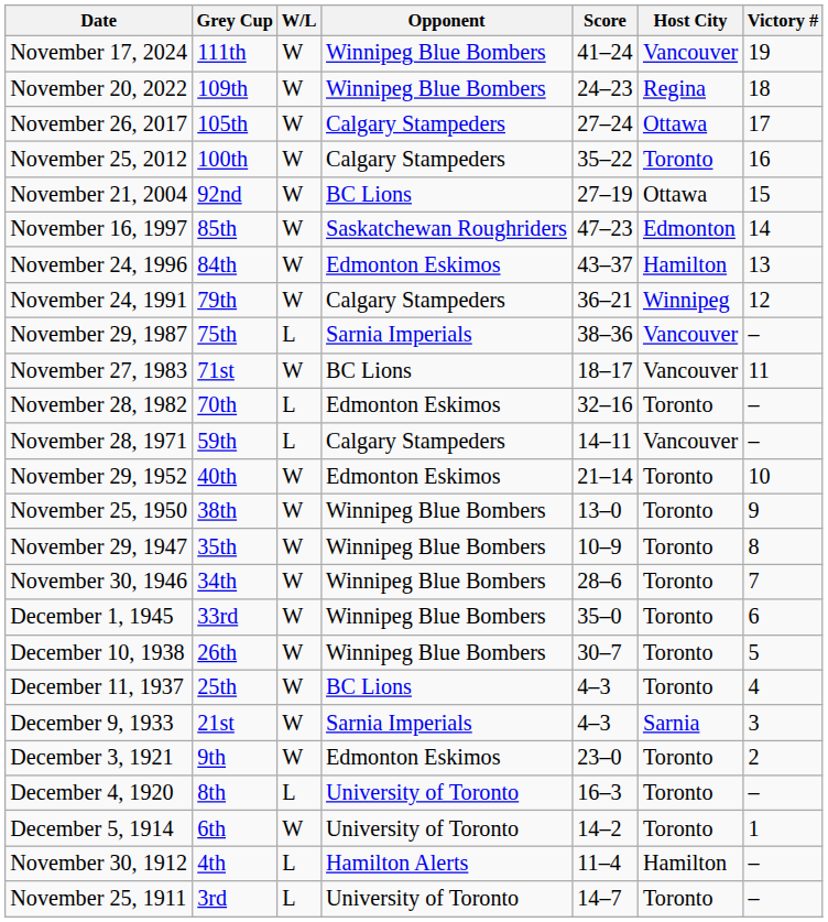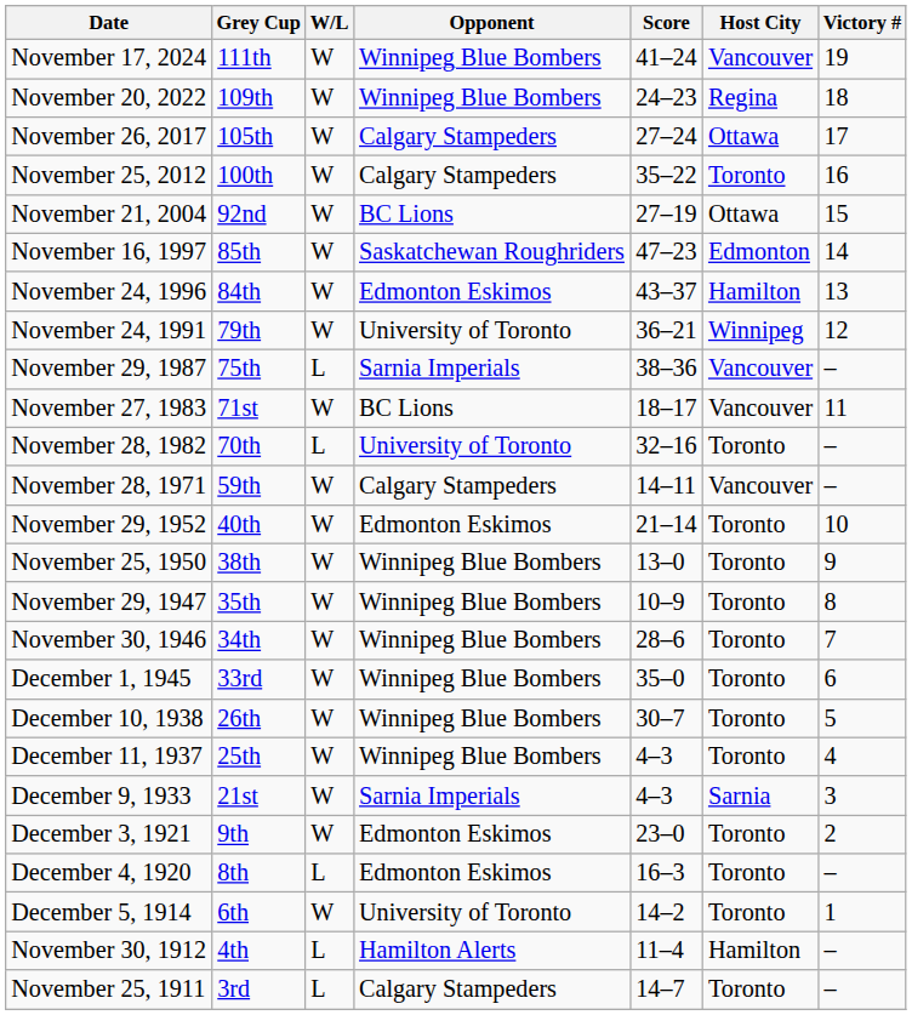 <table class="wikitable floatright">
 <tr style="text-align:center; font-size:small; font-weight:bold;  background:#ddd; padding:5px;">
 <th>Date</th>
 <th>Grey Cup</th>
 <th>W/L</th>
 <th>Opponent</th>
 <th>Score</th>
 <th>Host City</th>
 <th>Victory #</th>
 </tr>
 <tr>
 <td>November 17, 2024</td>
 <td><a href='#'>111th</a></td>
 <td>W</td>
 <td><a href='#'>Winnipeg Blue Bombers</a></td>
 <td>41–24</td>
 <td><a href='#'>Vancouver</a></td>
 <td>19</td>
 </tr>
 <tr>
 <td>November 20, 2022</td>
 <td><a href='#'>109th</a></td>
 <td>W</td>
 <td><a href='#'>Winnipeg Blue Bombers</a></td>
 <td>24–23</td>
 <td><a href='#'>Regina</a></td>
 <td>18</td>
 </tr>
 <tr>
 <td>November 26, 2017</td>
 <td><a href='#'>105th</a></td>
 <td>W</td>
 <td><a href='#'>Calgary Stampeders</a></td>
 <td>27–24</td>
 <td><a href='#'>Ottawa</a></td>
 <td>17</td>
 </tr>
 <tr>
 <td>November 25, 2012</td>
 <td><a href='#'>100th</a></td>
 <td>W</td>
 <td>Calgary Stampeders</td>
 <td>35–22</td>
 <td><a href='#'>Toronto</a></td>
 <td>16</td>
 </tr>
 <tr>
 <td>November 21, 2004</td>
 <td><a href='#'>92nd</a></td>
 <td>W</td>
 <td><a href='#'>BC Lions</a></td>
 <td>27–19</td>
 <td>Ottawa</td>
 <td>15</td>
 </tr>
 <tr>
 <td>November 16, 1997</td>
 <td><a href='#'>85th</a></td>
 <td>W</td>
 <td><a href='#'>Saskatchewan Roughriders</a></td>
 <td>47–23</td>
 <td><a href='#'>Edmonton</a></td>
 <td>14</td>
 </tr>
 <tr>
 <td>November 24, 1996</td>
 <td><a href='#'>84th</a></td>
 <td>W</td>
 <td><a href='#'>Edmonton Eskimos</a></td>
 <td>43–37</td>
 <td><a href='#'>Hamilton</a></td>
 <td>13</td>
 </tr>
 <tr>
 <td>November 24, 1991</td>
 <td><a href='#'>79th</a></td>
 <td>W</td>
-<td>Calgary Stampeders</td>
+<td>University of Toronto</td>
 <td>36–21</td>
 <td><a href='#'>Winnipeg</a></td>
 <td>12</td>
 </tr>
 <tr>
 <td>November 29, 1987</td>
 <td><a href='#'>75th</a></td>
 <td>L</td>
 <td><a href='#'>Sarnia Imperials</a></td>
 <td>38–36</td>
 <td><a href='#'>Vancouver</a></td>
 <td>–</td>
 </tr>
 <tr>
 <td>November 27, 1983</td>
 <td><a href='#'>71st</a></td>
 <td>W</td>
 <td>BC Lions</td>
 <td>18–17</td>
 <td>Vancouver</td>
 <td>11</td>
 </tr>
 <tr>
 <td>November 28, 1982</td>
 <td><a href='#'>70th</a></td>
 <td>L</td>
-<td>Edmonton Eskimos</td>
+<td><a href='#'>University of Toronto</a></td>
 <td>32–16</td>
 <td>Toronto</td>
 <td>–</td>
 </tr>
 <tr>
 <td>November 28, 1971</td>
 <td><a href='#'>59th</a></td>
-<td>L</td>
+<td>W</td>
 <td>Calgary Stampeders</td>
 <td>14–11</td>
 <td>Vancouver</td>
 <td>–</td>
 </tr>
 <tr>
 <td>November 29, 1952</td>
 <td><a href='#'>40th</a></td>
 <td>W</td>
 <td>Edmonton Eskimos</td>
 <td>21–14</td>
 <td>Toronto</td>
 <td>10</td>
 </tr>
 <tr>
 <td>November 25, 1950</td>
 <td><a href='#'>38th</a></td>
 <td>W</td>
 <td>Winnipeg Blue Bombers</td>
 <td>13–0</td>
 <td>Toronto</td>
 <td>9</td>
 </tr>
 <tr>
 <td>November 29, 1947</td>
 <td><a href='#'>35th</a></td>
 <td>W</td>
 <td>Winnipeg Blue Bombers</td>
 <td>10–9</td>
 <td>Toronto</td>
 <td>8</td>
 </tr>
 <tr>
 <td>November 30, 1946</td>
 <td><a href='#'>34th</a></td>
 <td>W</td>
 <td>Winnipeg Blue Bombers</td>
 <td>28–6</td>
 <td>Toronto</td>
 <td>7</td>
 </tr>
 <tr>
 <td>December 1, 1945</td>
 <td><a href='#'>33rd</a></td>
 <td>W</td>
 <td>Winnipeg Blue Bombers</td>
 <td>35–0</td>
 <td>Toronto</td>
 <td>6</td>
 </tr>
 <tr>
 <td>December 10, 1938</td>
 <td><a href='#'>26th</a></td>
 <td>W</td>
 <td>Winnipeg Blue Bombers</td>
 <td>30–7</td>
 <td>Toronto</td>
 <td>5</td>
 </tr>
 <tr>
 <td>December 11, 1937</td>
 <td><a href='#'>25th</a></td>
 <td>W</td>
-<td><a href='#'>BC Lions</a></td>
+<td>Winnipeg Blue Bombers</td>
 <td>4–3</td>
 <td>Toronto</td>
 <td>4</td>
 </tr>
 <tr>
 <td>December 9, 1933</td>
 <td><a href='#'>21st</a></td>
 <td>W</td>
 <td><a href='#'>Sarnia Imperials</a></td>
 <td>4–3</td>
 <td><a href='#'>Sarnia</a></td>
 <td>3</td>
 </tr>
 <tr>
 <td>December 3, 1921</td>
 <td><a href='#'>9th</a></td>
 <td>W</td>
 <td>Edmonton Eskimos</td>
 <td>23–0</td>
 <td>Toronto</td>
 <td>2</td>
 </tr>
 <tr>
 <td>December 4, 1920</td>
 <td><a href='#'>8th</a></td>
 <td>L</td>
-<td><a href='#'>University of Toronto</a></td>
+<td>Edmonton Eskimos</td>
 <td>16–3</td>
 <td>Toronto</td>
 <td>–</td>
 </tr>
 <tr>
 <td>December 5, 1914</td>
 <td><a href='#'>6th</a></td>
 <td>W</td>
 <td>University of Toronto</td>
 <td>14–2</td>
 <td>Toronto</td>
 <td>1</td>
 </tr>
 <tr>
 <td>November 30, 1912</td>
 <td><a href='#'>4th</a></td>
 <td>L</td>
 <td><a href='#'>Hamilton Alerts</a></td>
 <td>11–4</td>
 <td>Hamilton</td>
 <td>–</td>
 </tr>
 <tr>
 <td>November 25, 1911</td>
 <td><a href='#'>3rd</a></td>
 <td>L</td>
-<td>University of Toronto</td>
+<td>Calgary Stampeders</td>
 <td>14–7</td>
 <td>Toronto</td>
 <td>–</td>
 </tr>
 <tr>
 </tr>
 </table>
